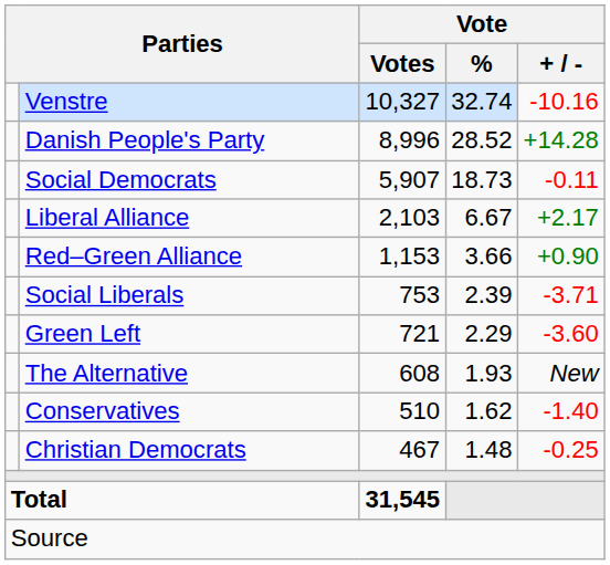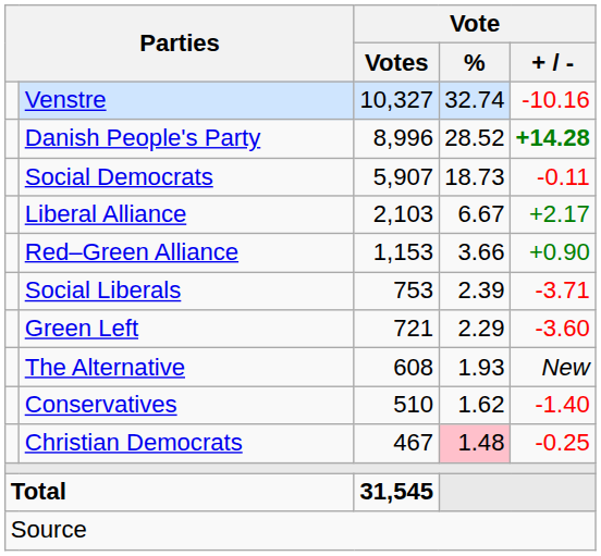 <table class="wikitable" style="text-align:right;">
 <tr>
 <th style="text-align:centre;" rowspan="2" colspan="2" width="225">Parties</th>
 <th colspan="3">Vote</th>
 </tr>
 <tr>
 <th width="15">Votes</th>
 <th width="15">%</th>
 <th width="15">+ / -</th>
 </tr>
 <tr>
 <td width="2" style="color:inherit;background:"></td>
 <td bgcolor=#cfe5fe  align="left"><a href='#'>Venstre</a></td>
 <td bgcolor=#cfe5fe>10,327</td>
 <td bgcolor=#cfe5fe>32.74</td>
 <td style=color:red;>-10.16</td>
 </tr>
 <tr>
 <td width="2" style="color:inherit;background:"></td>
 <td align="left"><a href='#'>Danish People's Party</a></td>
 <td>8,996</td>
 <td>28.52</td>
-<td style=color:green;>+14.28</td>
+<td style=color:green;><strong>+14.28</strong></td>
 </tr>
 <tr>
 <td width="2" style="color:inherit;background:"></td>
 <td align="left"><a href='#'>Social Democrats</a></td>
 <td>5,907</td>
 <td>18.73</td>
 <td style=color:red;>-0.11</td>
 </tr>
 <tr>
 <td width="2" style="color:inherit;background:"></td>
 <td align="left"><a href='#'>Liberal Alliance</a></td>
 <td>2,103</td>
 <td>6.67</td>
 <td style=color:green;>+2.17</td>
 </tr>
 <tr>
 <td width="2" style="color:inherit;background:"></td>
 <td align="left"><a href='#'>Red–Green Alliance</a></td>
 <td>1,153</td>
 <td>3.66</td>
 <td style=color:green;>+0.90</td>
 </tr>
 <tr>
 <td width="2" style="color:inherit;background:"></td>
 <td align="left"><a href='#'>Social Liberals</a></td>
 <td>753</td>
 <td>2.39</td>
 <td style=color:red;>-3.71</td>
 </tr>
 <tr>
 <td width="2" style="color:inherit;background:"></td>
 <td align="left"><a href='#'>Green Left</a></td>
 <td>721</td>
 <td>2.29</td>
 <td style=color:red;>-3.60</td>
 </tr>
 <tr>
 <td width="2" style="color:inherit;background:"></td>
 <td align="left"><a href='#'>The Alternative</a></td>
 <td>608</td>
 <td>1.93</td>
 <td><em>New</em></td>
 </tr>
 <tr>
 <td width="2" style="color:inherit;background:"></td>
 <td align="left"><a href='#'>Conservatives</a></td>
 <td>510</td>
 <td>1.62</td>
 <td style=color:red;>-1.40</td>
 </tr>
 <tr>
 <td width="2" style="color:inherit;background:"></td>
 <td align="left"><a href='#'>Christian Democrats</a></td>
 <td>467</td>
-<td>1.48</td>
+<td style="background: pink;">1.48</td>
 <td style=color:red;>-0.25</td>
 </tr>
 <tr>
 <td colspan="7" bgcolor="#E9E9E9"></td>
 </tr>
 <tr>
 <td align="left" colspan="2"><strong>Total</strong></td>
 <td><strong>31,545</strong></td>
 <td bgcolor="#E9E9E9" colspan="2"></td>
 </tr>
 <tr>
 <td align="left" colspan="6">Source</td>
 </tr>
 </table>
